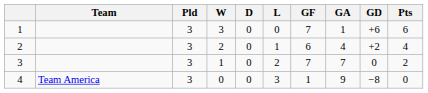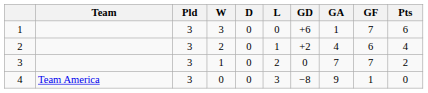 <table class="wikitable" style="text-align: center;">
 <tr>
 <th style="width: 40px;"></th>
 <th style="width: 200px;">Team</th>
 <th style="width: 45px;">Pld</th>
 <th style="width: 35px;">W</th>
 <th style="width: 35px;">D</th>
 <th style="width: 35px;">L</th>
+<th style="width: 35px;">GD</th>
+<th style="width: 45px;">GA</th>
 <th style="width: 45px;">GF</th>
-<th style="width: 45px;">GA</th>
-<th style="width: 35px;">GD</th>
 <th style="width: 45px;">Pts</th>
 </tr>
 <tr>
 <td>1</td>
 <td style="text-align: left;"></td>
 <td>3</td>
 <td>3</td>
 <td>0</td>
 <td>0</td>
+<td>+6</td>
+<td>1</td>
 <td>7</td>
-<td>1</td>
-<td>+6</td>
 <td>6</td>
 </tr>
 <tr>
 <td>2</td>
 <td style="text-align: left;"></td>
 <td>3</td>
 <td>2</td>
 <td>0</td>
 <td>1</td>
+<td>+2</td>
+<td>4</td>
 <td>6</td>
-<td>4</td>
-<td>+2</td>
 <td>4</td>
 </tr>
 <tr>
 <td>3</td>
 <td style="text-align: left;"></td>
 <td>3</td>
 <td>1</td>
 <td>0</td>
 <td>2</td>
+<td>0</td>
 <td>7</td>
 <td>7</td>
-<td>0</td>
 <td>2</td>
 </tr>
 <tr>
 <td>4</td>
 <td style="text-align: left;"> <a href='#'>Team America</a></td>
 <td>3</td>
 <td>0</td>
 <td>0</td>
 <td>3</td>
+<td>−8</td>
+<td>9</td>
 <td>1</td>
-<td>9</td>
-<td>−8</td>
 <td>0</td>
 </tr>
 </table>
